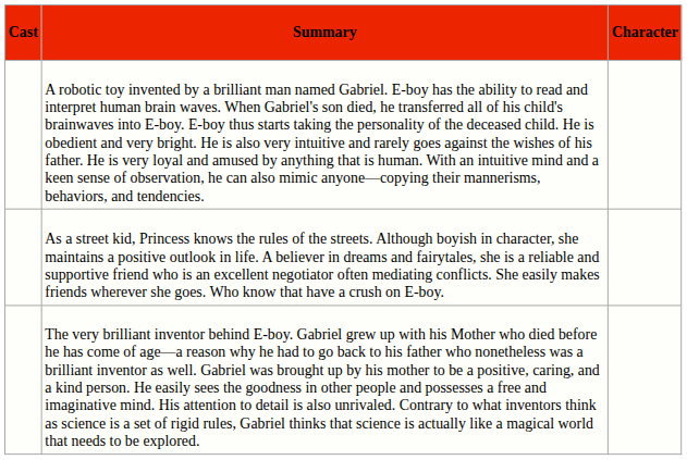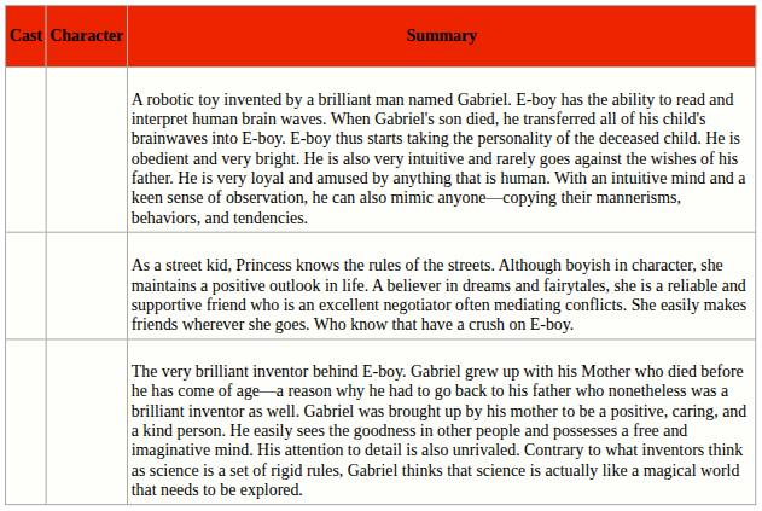 <table class="wikitable" style=" background:#FEFEFA; font-size: 85%;">
 <tr>
 <th style="background:#ec2400 ;"><p>Cast</p></th>
+<th style="background:#ec2400; "><p>Character</p></th>
 <th style="background:#ec2400 ;"><p>Summary</p></th>
-<th style="background:#ec2400; "><p>Character</p></th>
 </tr>
 <tr>
 <td></td>
+<td></td>
 <td><br>A robotic toy invented by a brilliant man named Gabriel. E-boy has the ability to read and interpret human brain waves. When Gabriel's son died, he transferred all of his child's brainwaves into E-boy. E-boy thus starts taking the personality of the deceased child. He is obedient and very bright. He is also very intuitive and rarely goes against the wishes of his father. He is very loyal and amused by anything that is human. With an intuitive mind and a keen sense of observation, he can also mimic anyone—copying their mannerisms, behaviors, and tendencies.</td>
-<td></td>
 </tr>
 <tr>
 <td></td>
+<td></td>
 <td><br>As a street kid, Princess knows the rules of the streets. Although boyish in character, she maintains a positive outlook in life. A believer in dreams and fairytales, she is a reliable and supportive friend who is an excellent negotiator often mediating conflicts. She easily makes friends wherever she goes. Who know that have a crush on E-boy.</td>
-<td></td>
 </tr>
 <tr>
 <td></td>
+<td></td>
 <td><br>The very brilliant inventor behind E-boy. Gabriel grew up with his Mother who died before he has come of age—a reason why he had to go back to his father who nonetheless was a brilliant inventor as well. Gabriel was brought up by his mother to be a positive, caring, and a kind person. He easily sees the goodness in other people and possesses a free and imaginative mind. His attention to detail is also unrivaled. Contrary to what inventors think as science is a set of rigid rules, Gabriel thinks that science is actually like a magical world that needs to be explored.</td>
-<td></td>
 </tr>
 </table>
